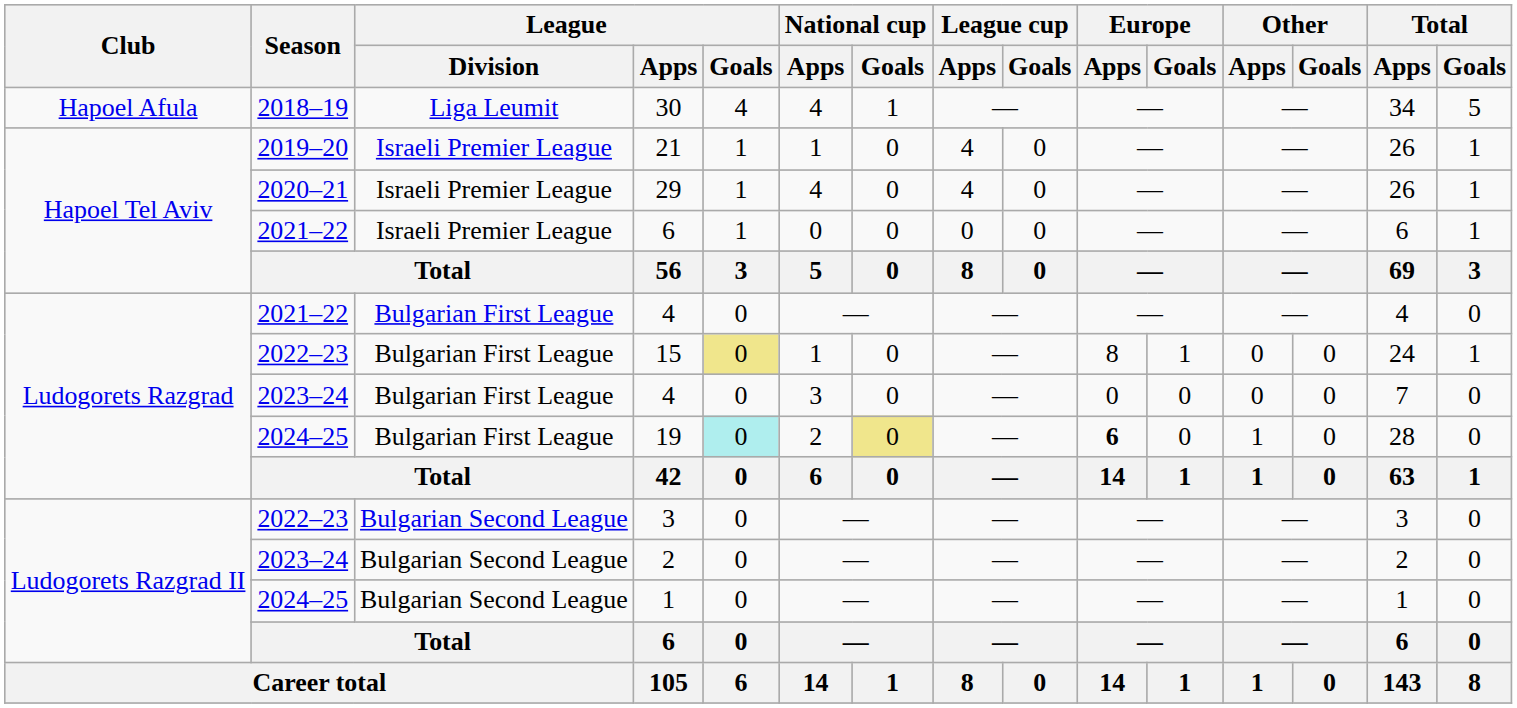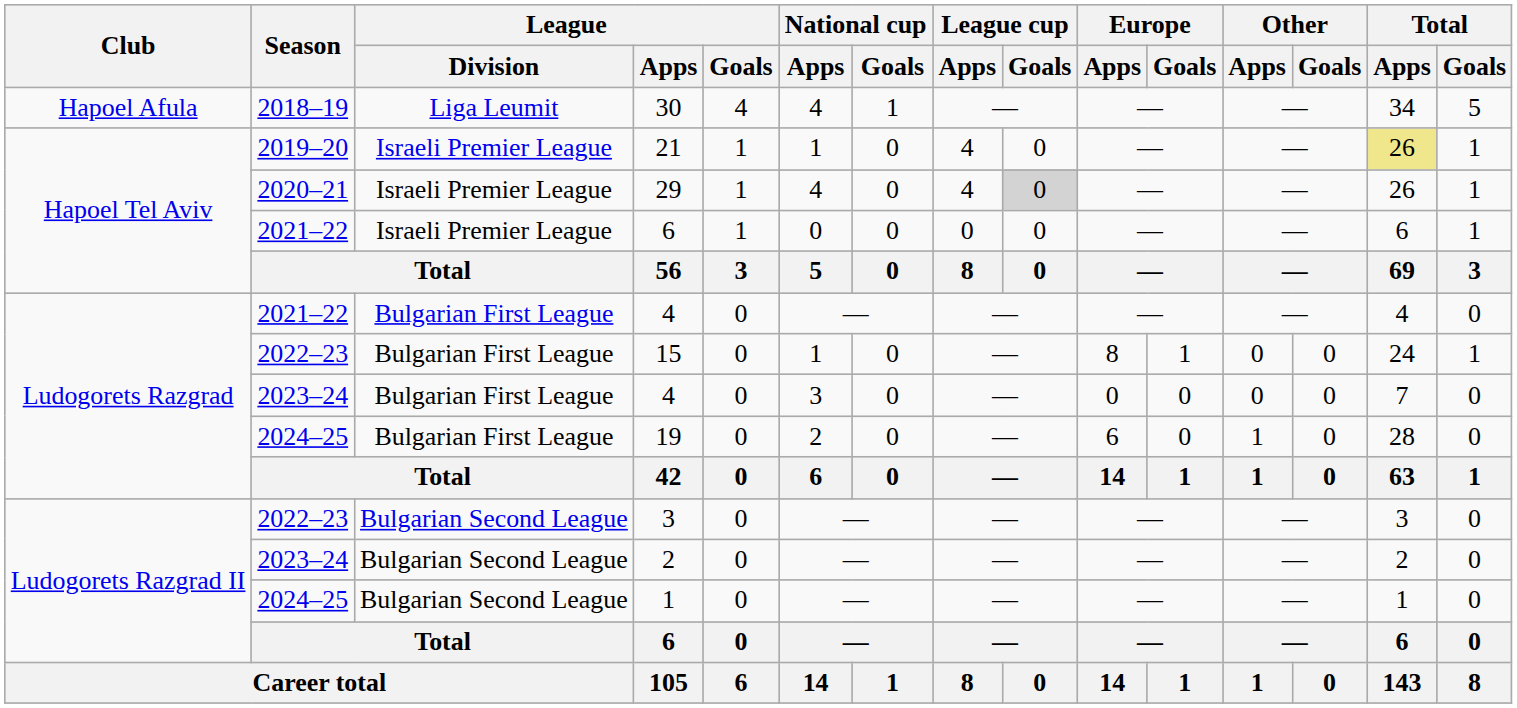 <table class="wikitable" style="text-align: center">
 <tr>
 <th rowspan="2">Club</th>
 <th rowspan="2">Season</th>
 <th colspan="3">League</th>
 <th colspan="2">National cup</th>
 <th colspan="2">League cup</th>
 <th colspan="2">Europe</th>
 <th colspan="2">Other</th>
 <th colspan="2">Total</th>
 </tr>
 <tr>
 <th>Division</th>
 <th>Apps</th>
 <th>Goals</th>
 <th>Apps</th>
 <th>Goals</th>
 <th>Apps</th>
 <th>Goals</th>
 <th>Apps</th>
 <th>Goals</th>
 <th>Apps</th>
 <th>Goals</th>
 <th>Apps</th>
 <th>Goals</th>
 </tr>
 <tr>
 <td><a href='#'>Hapoel Afula</a></td>
 <td><a href='#'>2018–19</a></td>
 <td><a href='#'>Liga Leumit</a></td>
 <td>30</td>
 <td>4</td>
 <td>4</td>
 <td>1</td>
 <td colspan="2">—</td>
 <td colspan="2">—</td>
 <td colspan="2">—</td>
 <td>34</td>
 <td>5</td>
 </tr>
 <tr>
 <td rowspan="4"><a href='#'>Hapoel Tel Aviv</a></td>
 <td><a href='#'>2019–20</a></td>
 <td><a href='#'>Israeli Premier League</a></td>
 <td>21</td>
 <td>1</td>
 <td>1</td>
 <td>0</td>
 <td>4</td>
 <td>0</td>
 <td colspan="2">—</td>
 <td colspan="2">—</td>
-<td>26</td>
+<td style="background: khaki;">26</td>
 <td>1</td>
 </tr>
 <tr>
 <td><a href='#'>2020–21</a></td>
 <td>Israeli Premier League</td>
 <td>29</td>
 <td>1</td>
 <td>4</td>
 <td>0</td>
 <td>4</td>
-<td>0</td>
+<td style="background: lightgrey;">0</td>
 <td colspan="2">—</td>
 <td colspan="2">—</td>
 <td>26</td>
 <td>1</td>
 </tr>
 <tr>
 <td><a href='#'>2021–22</a></td>
 <td>Israeli Premier League</td>
 <td>6</td>
 <td>1</td>
 <td>0</td>
 <td>0</td>
 <td>0</td>
 <td>0</td>
 <td colspan="2">—</td>
 <td colspan="2">—</td>
 <td>6</td>
 <td>1</td>
 </tr>
 <tr>
 <th colspan="2">Total</th>
 <th>56</th>
 <th>3</th>
 <th>5</th>
 <th>0</th>
 <th>8</th>
 <th>0</th>
 <th colspan="2">—</th>
 <th colspan="2">—</th>
 <th>69</th>
 <th>3</th>
 </tr>
 <tr>
 <td rowspan="5"><a href='#'>Ludogorets Razgrad</a></td>
 <td><a href='#'>2021–22</a></td>
 <td><a href='#'>Bulgarian First League</a></td>
 <td>4</td>
 <td>0</td>
 <td colspan="2">—</td>
 <td colspan="2">—</td>
 <td colspan="2">—</td>
 <td colspan="2">—</td>
 <td>4</td>
 <td>0</td>
 </tr>
 <tr>
 <td><a href='#'>2022–23</a></td>
 <td>Bulgarian First League</td>
 <td>15</td>
-<td style="background: khaki;">0</td>
+<td>0</td>
 <td>1</td>
 <td>0</td>
 <td colspan="2">—</td>
 <td>8</td>
 <td>1</td>
 <td>0</td>
 <td>0</td>
 <td>24</td>
 <td>1</td>
 </tr>
 <tr>
 <td><a href='#'>2023–24</a></td>
 <td>Bulgarian First League</td>
 <td>4</td>
 <td>0</td>
 <td>3</td>
 <td>0</td>
 <td colspan="2">—</td>
 <td>0</td>
 <td>0</td>
 <td>0</td>
 <td>0</td>
 <td>7</td>
 <td>0</td>
 </tr>
 <tr>
 <td><a href='#'>2024–25</a></td>
 <td>Bulgarian First League</td>
 <td>19</td>
-<td style="background: paleturquoise;">0</td>
+<td>0</td>
 <td>2</td>
-<td style="background: khaki;">0</td>
+<td>0</td>
 <td colspan="2">—</td>
-<td><strong>6</strong></td>
+<td>6</td>
 <td>0</td>
 <td>1</td>
 <td>0</td>
 <td>28</td>
 <td>0</td>
 </tr>
 <tr>
 <th colspan="2">Total</th>
 <th>42</th>
 <th>0</th>
 <th>6</th>
 <th>0</th>
 <th colspan="2">—</th>
 <th>14</th>
 <th>1</th>
 <th>1</th>
 <th>0</th>
 <th>63</th>
 <th>1</th>
 </tr>
 <tr>
 <td rowspan="4"><a href='#'>Ludogorets Razgrad II</a></td>
 <td><a href='#'>2022–23</a></td>
 <td><a href='#'>Bulgarian Second League</a></td>
 <td>3</td>
 <td>0</td>
 <td colspan="2">—</td>
 <td colspan="2">—</td>
 <td colspan="2">—</td>
 <td colspan="2">—</td>
 <td>3</td>
 <td>0</td>
 </tr>
 <tr>
 <td><a href='#'>2023–24</a></td>
 <td>Bulgarian Second League</td>
 <td>2</td>
 <td>0</td>
 <td colspan="2">—</td>
 <td colspan="2">—</td>
 <td colspan="2">—</td>
 <td colspan="2">—</td>
 <td>2</td>
 <td>0</td>
 </tr>
 <tr>
 <td><a href='#'>2024–25</a></td>
 <td>Bulgarian Second League</td>
 <td>1</td>
 <td>0</td>
 <td colspan="2">—</td>
 <td colspan="2">—</td>
 <td colspan="2">—</td>
 <td colspan="2">—</td>
 <td>1</td>
 <td>0</td>
 </tr>
 <tr>
 <th colspan="2">Total</th>
 <th>6</th>
 <th>0</th>
 <th colspan="2">—</th>
 <th colspan="2">—</th>
 <th colspan="2">—</th>
 <th colspan="2">—</th>
 <th>6</th>
 <th>0</th>
 </tr>
 <tr>
 <th colspan="3">Career total</th>
 <th>105</th>
 <th>6</th>
 <th>14</th>
 <th>1</th>
 <th>8</th>
 <th>0</th>
 <th>14</th>
 <th>1</th>
 <th>1</th>
 <th>0</th>
 <th>143</th>
 <th>8</th>
 </tr>
 </table>
